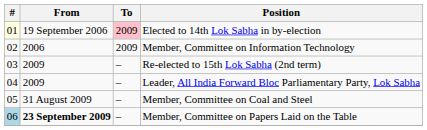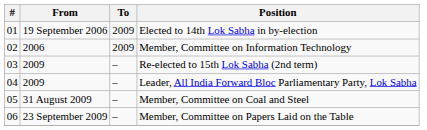 <table class="wikitable sortable">
 <tr>
 <th>#</th>
 <th>From</th>
 <th>To</th>
 <th>Position</th>
 </tr>
 <tr>
-<td style="background: lightyellow;">01</td>
+<td>01</td>
 <td>19 September 2006</td>
-<td style="background: pink;">2009</td>
+<td>2009</td>
 <td>Elected to 14th <a href='#'>Lok Sabha</a> in by-election</td>
 </tr>
 <tr>
 <td>02</td>
 <td>2006</td>
 <td>2009</td>
 <td>Member, Committee on Information Technology</td>
 </tr>
 <tr>
 <td>03</td>
 <td>2009</td>
 <td>–</td>
 <td>Re-elected to 15th <a href='#'>Lok Sabha</a> (2nd term)</td>
 </tr>
 <tr>
 <td>04</td>
 <td>2009</td>
 <td>–</td>
 <td>Leader, <a href='#'>All India Forward Bloc</a> Parliamentary Party, <a href='#'>Lok Sabha</a></td>
 </tr>
 <tr>
 <td>05</td>
 <td>31 August 2009</td>
 <td>–</td>
 <td>Member, Committee on Coal and Steel</td>
 </tr>
 <tr>
-<td style="background: lightblue;">06</td>
-<td><strong>23 September 2009</strong></td>
+<td>06</td>
+<td>23 September 2009</td>
 <td>–</td>
 <td>Member, Committee on Papers Laid on the Table</td>
 </tr>
 <tr>
 </tr>
 </table>
